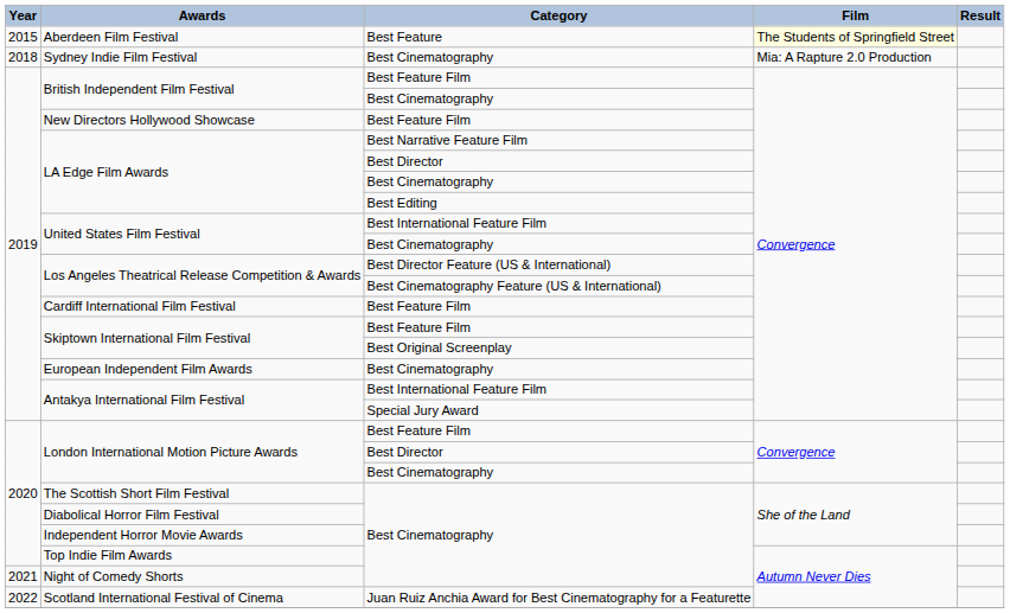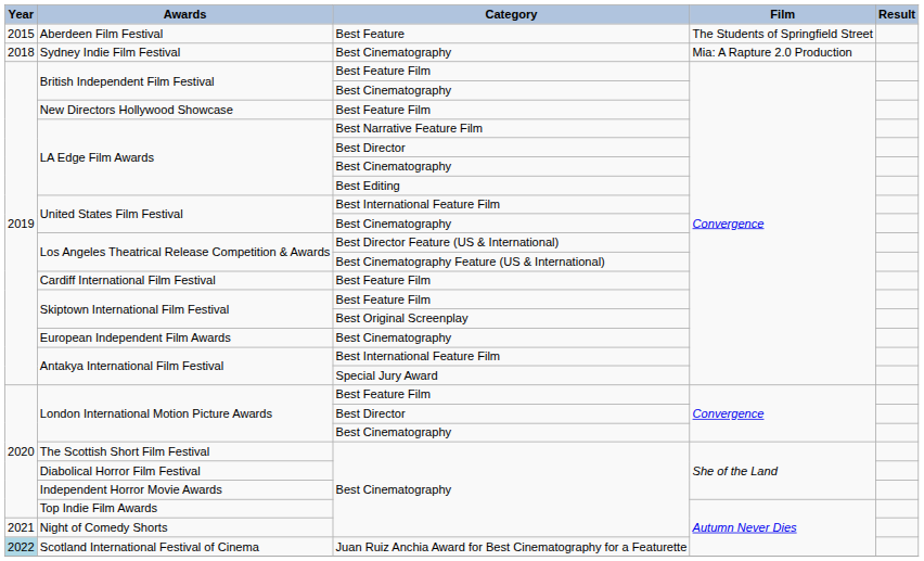 <table class="wikitable" style="font-size:90%">
 <tr style="text-align:center;">
 <th style="background:#B0C4DE;">Year</th>
 <th style="background:#B0C4DE;">Awards</th>
 <th style="background:#B0C4DE;">Category</th>
 <th style="background:#B0C4DE;">Film</th>
 <th style="background:#B0C4DE;">Result</th>
 </tr>
 <tr>
 <td>2015</td>
 <td>Aberdeen Film Festival</td>
 <td>Best Feature</td>
-<td style="background: lightyellow;">The Students of Springfield Street</td>
+<td>The Students of Springfield Street</td>
 <td></td>
 </tr>
 <tr>
 <td>2018</td>
 <td>Sydney Indie Film Festival</td>
 <td>Best Cinematography</td>
 <td>Mia: A Rapture 2.0 Production</td>
 <td></td>
 </tr>
 <tr>
 <td rowspan=17>2019</td>
 <td rowspan=2>British Independent Film Festival </td>
 <td>Best Feature Film</td>
 <td rowspan=17><em><a href='#'>Convergence</a></em></td>
 <td></td>
 </tr>
 <tr>
 <td>Best Cinematography</td>
 <td></td>
 </tr>
 <tr>
 <td>New Directors Hollywood Showcase</td>
 <td>Best Feature Film</td>
 <td></td>
 </tr>
 <tr>
 <td rowspan=4>LA Edge Film Awards </td>
 <td>Best Narrative Feature Film</td>
 <td></td>
 </tr>
 <tr>
 <td>Best Director</td>
 <td></td>
 </tr>
 <tr>
 <td>Best Cinematography</td>
 <td></td>
 </tr>
 <tr>
 <td>Best Editing</td>
 <td></td>
 </tr>
 <tr>
 <td rowspan=2>United States Film Festival</td>
 <td>Best International Feature Film</td>
 <td></td>
 </tr>
 <tr>
 <td>Best Cinematography</td>
 <td></td>
 </tr>
 <tr>
 <td rowspan=2>Los Angeles Theatrical Release Competition & Awards </td>
 <td>Best Director Feature (US & International)</td>
 <td></td>
 </tr>
 <tr>
 <td>Best Cinematography Feature (US & International)</td>
 <td></td>
 </tr>
 <tr>
 <td>Cardiff International Film Festival </td>
 <td>Best Feature Film</td>
 <td></td>
 </tr>
 <tr>
 <td rowspan=2>Skiptown International Film Festival</td>
 <td>Best Feature Film</td>
 <td></td>
 </tr>
 <tr>
 <td>Best Original Screenplay</td>
 <td></td>
 </tr>
 <tr>
 <td>European Independent Film Awards</td>
 <td>Best Cinematography</td>
 <td></td>
 </tr>
 <tr>
 <td rowspan=2>Antakya International Film Festival</td>
 <td>Best International Feature Film</td>
 <td></td>
 </tr>
 <tr>
 <td>Special Jury Award</td>
 <td></td>
 </tr>
 <tr>
 <td rowspan=7>2020</td>
 <td rowspan=3>London International Motion Picture Awards </td>
 <td>Best Feature Film</td>
 <td rowspan=3><em><a href='#'>Convergence</a></em></td>
 <td></td>
 </tr>
 <tr>
 <td>Best Director</td>
 <td></td>
 </tr>
 <tr>
 <td>Best Cinematography</td>
 <td></td>
 </tr>
 <tr>
 <td>The Scottish Short Film Festival </td>
 <td rowspan=5>Best Cinematography</td>
 <td rowspan=3><em>She of the Land</em></td>
 <td></td>
 </tr>
 <tr>
 <td>Diabolical Horror Film Festival </td>
 <td></td>
 </tr>
 <tr>
 <td>Independent Horror Movie Awards </td>
 <td></td>
 </tr>
 <tr>
 <td>Top Indie Film Awards </td>
 <td rowspan=3><em><a href='#'>Autumn Never Dies</a></em></td>
 <td></td>
 </tr>
 <tr>
 <td>2021</td>
 <td>Night of Comedy Shorts </td>
 <td></td>
 </tr>
 <tr>
-<td>2022</td>
+<td style="background: lightblue;">2022</td>
 <td>Scotland International Festival of Cinema </td>
 <td>Juan Ruiz Anchia Award for Best Cinematography for a Featurette</td>
 <td></td>
 </tr>
 <tr>
 </tr>
 </table>
